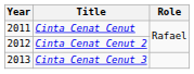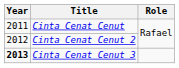 <table class="wikitable" style="font-size: 95%;">
 <tr>
 <th>Year</th>
 <th>Title</th>
 <th>Role</th>
 </tr>
 <tr>
 <td>2011</td>
 <td><em><a href='#'>Cinta Cenat Cenut</a></em></td>
 <td rowspan="2">Rafael</td>
 </tr>
 <tr>
 <td>2012</td>
 <td><em><a href='#'>Cinta Cenat Cenut 2</a></em></td>
 </tr>
 <tr>
-<td>2013</td>
+<td><strong>2013</strong></td>
 <td><em><a href='#'>Cinta Cenat Cenut 3</a></em></td>
 <td></td>
 </tr>
 </table>
